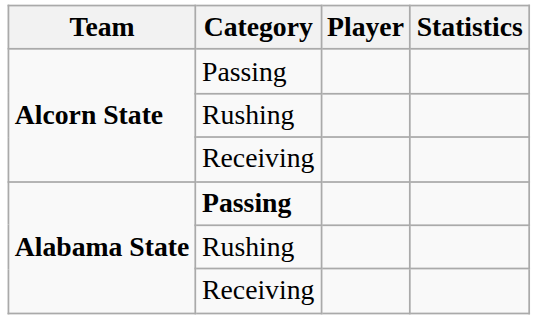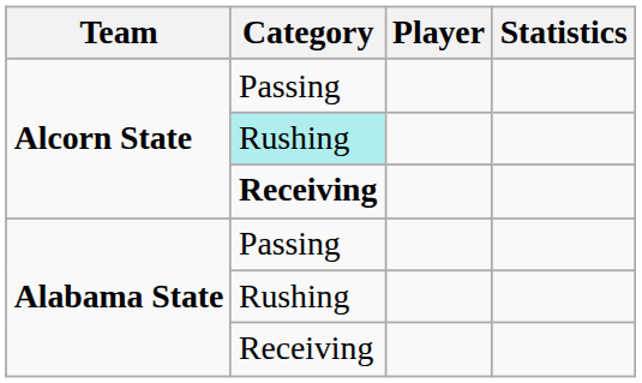 <table class="wikitable" style="float: right;">
 <tr>
 <th>Team</th>
 <th>Category</th>
 <th>Player</th>
 <th>Statistics</th>
 </tr>
 <tr>
 <td rowspan=3><strong>Alcorn State</strong></td>
 <td>Passing</td>
 <td></td>
 <td></td>
 </tr>
 <tr>
-<td>Rushing</td>
+<td style="background: paleturquoise;">Rushing</td>
 <td></td>
 <td></td>
 </tr>
 <tr>
-<td>Receiving</td>
+<td><strong>Receiving</strong></td>
 <td></td>
 <td></td>
 </tr>
 <tr>
 <td rowspan=3><strong>Alabama State</strong></td>
-<td><strong>Passing</strong></td>
+<td>Passing</td>
 <td></td>
 <td></td>
 </tr>
 <tr>
 <td>Rushing</td>
 <td></td>
 <td></td>
 </tr>
 <tr>
 <td>Receiving</td>
 <td></td>
 <td></td>
 </tr>
 </table>
